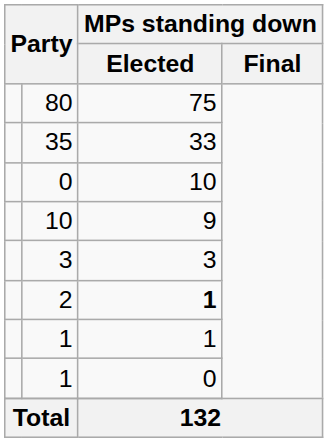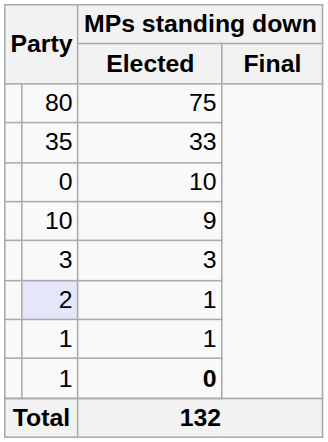 <table class=wikitable style="text-align:right">
 <tr>
 <th colspan="2" rowspan="2">Party</th>
 <th colspan="2">MPs standing down</th>
 </tr>
 <tr>
 <th>Elected</th>
 <th>Final</th>
 </tr>
 <tr>
 <td></td>
 <td>80</td>
 <td>75</td>
 </tr>
 <tr>
 <td></td>
 <td>35</td>
 <td>33</td>
 </tr>
 <tr>
 <td></td>
 <td>0</td>
 <td>10</td>
 </tr>
 <tr>
 <td></td>
 <td>10</td>
 <td>9</td>
 </tr>
 <tr>
 <td></td>
 <td>3</td>
 <td>3</td>
 </tr>
 <tr>
 <td></td>
-<td>2</td>
-<td><strong>1</strong></td>
+<td style="background: lavender;">2</td>
+<td>1</td>
 </tr>
 <tr>
 <td></td>
 <td>1</td>
 <td>1</td>
 </tr>
 <tr>
 <td></td>
 <td>1</td>
-<td>0</td>
+<td><strong>0</strong></td>
 </tr>
 <tr>
 </tr>
 <tr>
 <th colspan="2">Total</th>
 <th colspan="2">132</th>
 </tr>
 </table>
